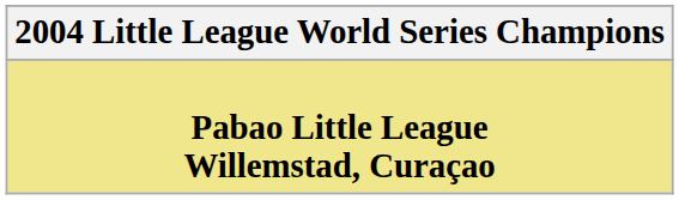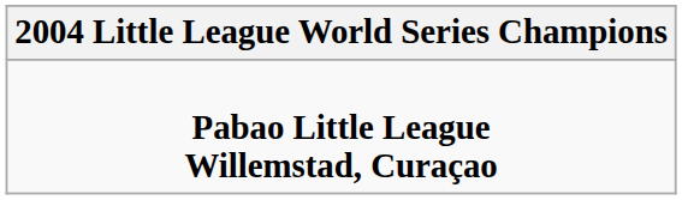 <table class="wikitable" style="text-align: center; margin: 0 auto;">
 <tr>
 <th>2004 Little League World Series Champions</th>
 </tr>
 <tr>
-<td style="background: khaki;"><br><strong>Pabao Little League</strong><br><strong>Willemstad, Curaçao</strong></td>
+<td><br><strong>Pabao Little League</strong><br><strong>Willemstad, Curaçao</strong></td>
 </tr>
 </table>
